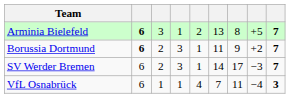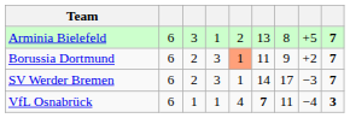 <table class="wikitable" style="text-align: center;">
 <tr>
 <th width=175>Team</th>
 <th width=20></th>
 <th width=20></th>
 <th width=20></th>
 <th width=20></th>
 <th width=20></th>
 <th width=20></th>
 <th width=20></th>
 <th width=20></th>
 </tr>
 <tr bgcolor="#ccffcc">
 <td align=left><a href='#'>Arminia Bielefeld</a></td>
-<td><strong>6</strong></td>
+<td>6</td>
 <td>3</td>
 <td>1</td>
 <td>2</td>
 <td>13</td>
 <td>8</td>
 <td>+5</td>
 <td><strong>7</strong></td>
 </tr>
 <tr>
 <td align=left><a href='#'>Borussia Dortmund</a></td>
-<td><strong>6</strong></td>
+<td>6</td>
 <td>2</td>
 <td>3</td>
-<td>1</td>
+<td style="background: lightsalmon;">1</td>
 <td>11</td>
 <td>9</td>
 <td>+2</td>
 <td><strong>7</strong></td>
 </tr>
 <tr>
 <td align=left><a href='#'>SV Werder Bremen</a></td>
 <td>6</td>
 <td>2</td>
 <td>3</td>
 <td>1</td>
 <td>14</td>
 <td>17</td>
 <td>−3</td>
 <td><strong>7</strong></td>
 </tr>
 <tr>
 <td align=left><a href='#'>VfL Osnabrück</a></td>
 <td>6</td>
 <td>1</td>
 <td>1</td>
 <td>4</td>
-<td>7</td>
+<td><strong>7</strong></td>
 <td>11</td>
 <td>−4</td>
 <td><strong>3</strong></td>
 </tr>
 </table>
